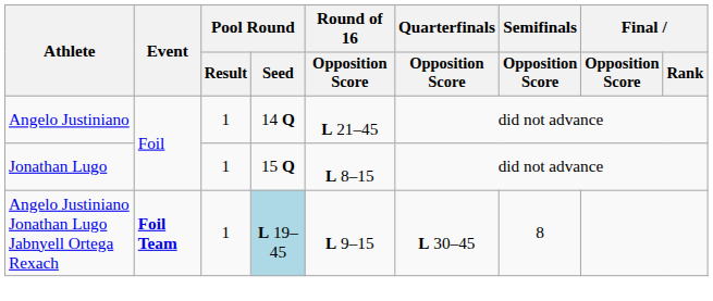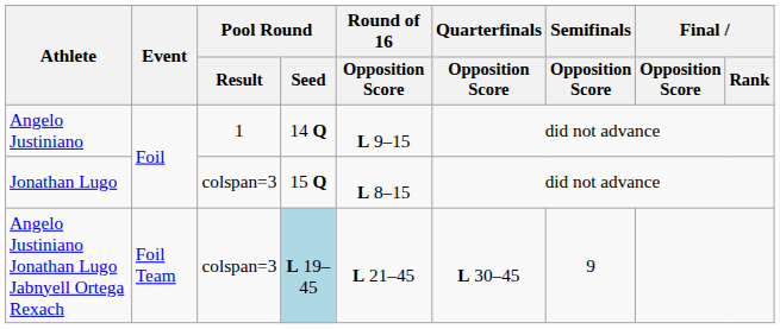 <table class=wikitable style="font-size:90%">
 <tr>
 <th rowspan="2">Athlete</th>
 <th rowspan="2">Event</th>
 <th colspan=2>Pool Round</th>
 <th>Round of 16</th>
 <th>Quarterfinals</th>
 <th>Semifinals</th>
 <th colspan=2>Final / </th>
 </tr>
 <tr style="font-size:95%">
 <th>Result</th>
 <th>Seed</th>
 <th>Opposition<br>Score</th>
 <th>Opposition<br>Score</th>
 <th>Opposition<br>Score</th>
 <th>Opposition<br>Score</th>
 <th>Rank</th>
 </tr>
 <tr align=center>
 <td align=left><a href='#'>Angelo Justiniano</a></td>
 <td align=left rowspan=2><a href='#'>Foil</a></td>
 <td>1</td>
 <td>14 <strong>Q</strong></td>
-<td><br><strong>L</strong> 21–45</td>
+<td><br><strong>L</strong> 9–15</td>
 <td colspan=4>did not advance</td>
 </tr>
 <tr align=center>
 <td align=left><a href='#'>Jonathan Lugo</a></td>
-<td>1</td>
+<td>colspan=3 </td>
 <td>15 <strong>Q</strong></td>
 <td><br><strong>L</strong> 8–15</td>
 <td colspan=4>did not advance</td>
 </tr>
 <tr align=center>
 <td align=left><a href='#'>Angelo Justiniano</a><br><a href='#'>Jonathan Lugo</a><br><a href='#'>Jabnyell Ortega Rexach</a></td>
-<td align=left><strong><a href='#'>Foil Team</a></strong></td>
-<td>1</td>
+<td align=left><a href='#'>Foil Team</a></td>
+<td>colspan=3 </td>
 <td style="background: lightblue;"><br><strong>L</strong> 19–45</td>
-<td><br><strong>L</strong> 9–15</td>
+<td><br><strong>L</strong> 21–45</td>
 <td><br><strong>L</strong> 30–45</td>
-<td>8</td>
+<td>9</td>
 </tr>
 </table>
